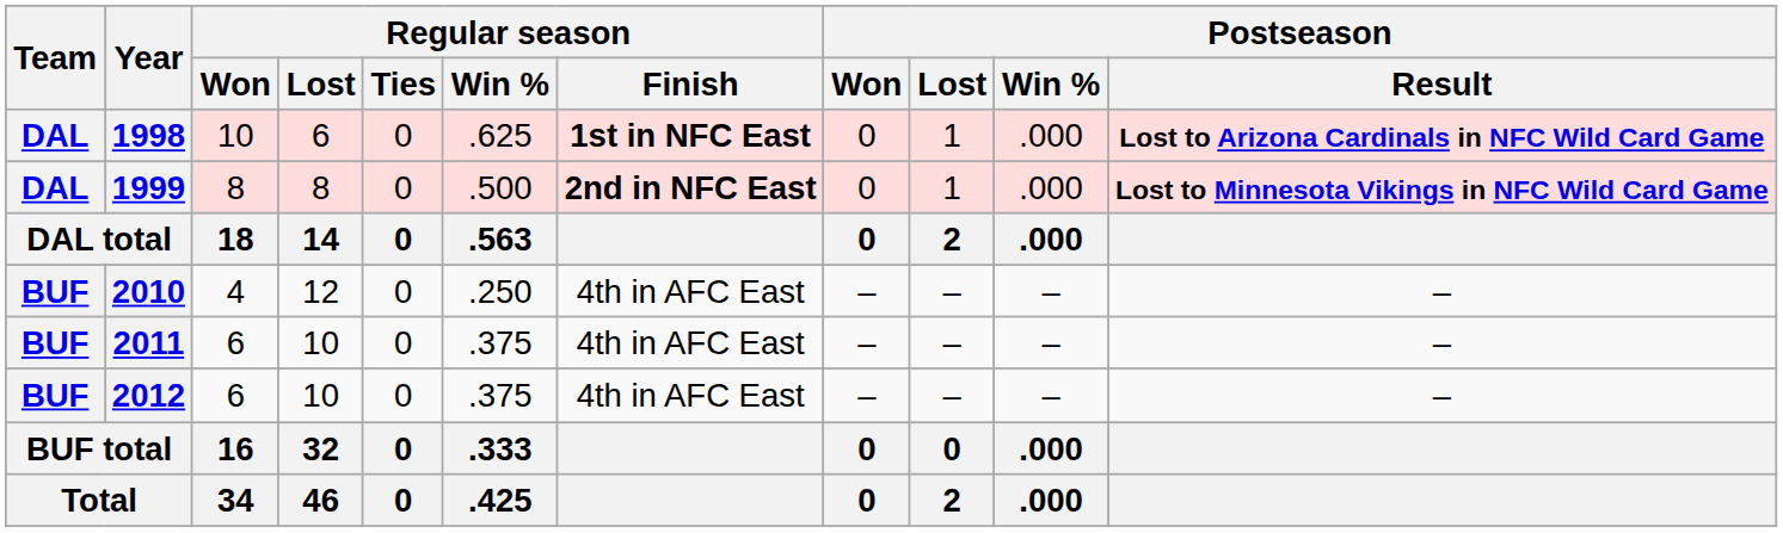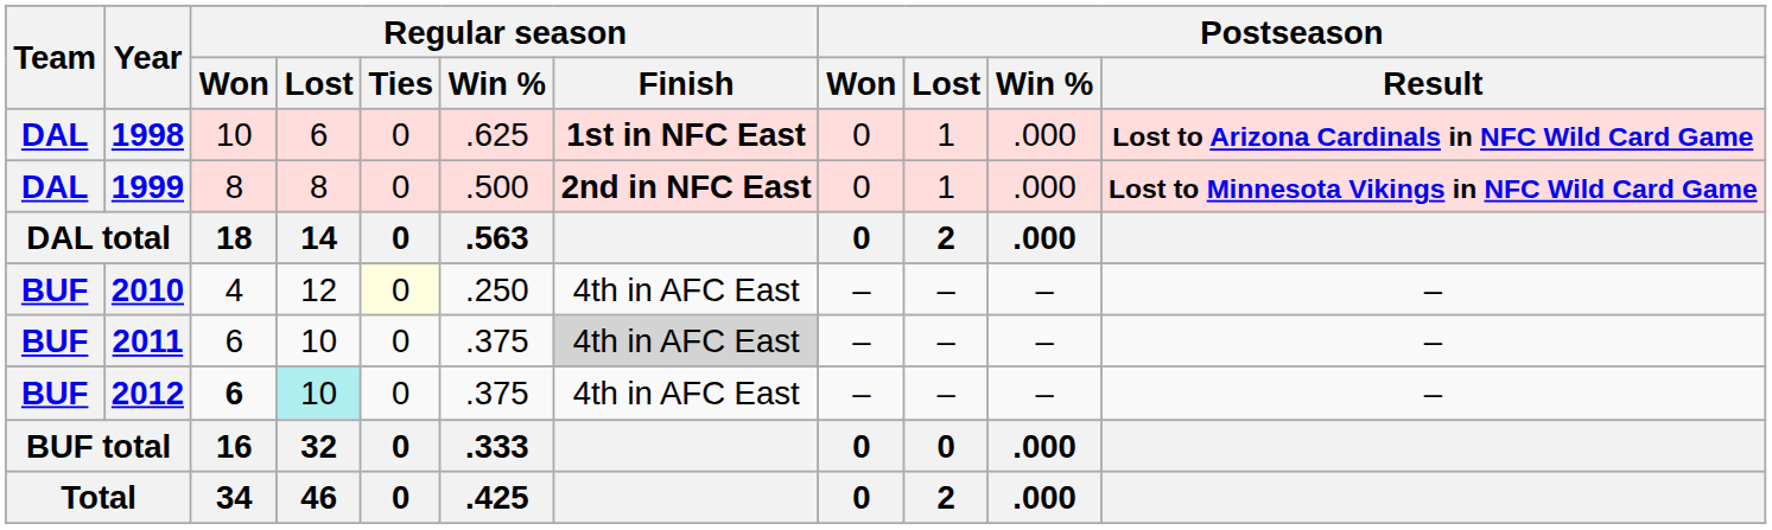 <table class="wikitable" style="font-size: 95%; text-align:center;">
 <tr>
 <th rowspan="2">Team</th>
 <th rowspan="2">Year</th>
 <th colspan="5">Regular season</th>
 <th colspan="4">Postseason</th>
 </tr>
 <tr>
 <th>Won</th>
 <th>Lost</th>
 <th>Ties</th>
 <th>Win %</th>
 <th>Finish</th>
 <th>Won</th>
 <th>Lost</th>
 <th>Win %</th>
 <th>Result</th>
 </tr>
 <tr ! style="background:#fdd;">
 <th><a href='#'>DAL</a></th>
 <th><a href='#'>1998</a></th>
 <td>10</td>
 <td>6</td>
 <td>0</td>
 <td>.625</td>
 <td><strong>1st in NFC East</strong></td>
 <td>0</td>
 <td>1</td>
 <td>.000</td>
 <td><small><strong>Lost to <a href='#'>Arizona Cardinals</a> in <a href='#'>NFC Wild Card Game</a></strong></small></td>
 </tr>
 <tr ! style="background:#fdd;">
 <th><a href='#'>DAL</a></th>
 <th><a href='#'>1999</a></th>
 <td>8</td>
 <td>8</td>
 <td>0</td>
 <td>.500</td>
 <td><strong>2nd in NFC East</strong></td>
 <td>0</td>
 <td>1</td>
 <td>.000</td>
 <td><small><strong>Lost to <a href='#'>Minnesota Vikings</a> in <a href='#'>NFC Wild Card Game</a></strong></small></td>
 </tr>
 <tr>
 <th colspan="2">DAL total</th>
 <th>18</th>
 <th>14</th>
 <th>0</th>
 <th>.563</th>
 <th></th>
 <th>0</th>
 <th>2</th>
 <th>.000</th>
 <th></th>
 </tr>
 <tr>
 <th><a href='#'>BUF</a></th>
 <th><a href='#'>2010</a></th>
 <td>4</td>
 <td>12</td>
-<td>0</td>
+<td style="background: lightyellow;">0</td>
 <td>.250</td>
 <td>4th in AFC East</td>
 <td>–</td>
 <td>–</td>
 <td>–</td>
 <td>–</td>
 </tr>
 <tr>
 <th><a href='#'>BUF</a></th>
 <th><a href='#'>2011</a></th>
 <td>6</td>
 <td>10</td>
 <td>0</td>
 <td>.375</td>
-<td>4th in AFC East</td>
+<td style="background: lightgrey;">4th in AFC East</td>
 <td>–</td>
 <td>–</td>
 <td>–</td>
 <td>–</td>
 </tr>
 <tr>
 <th><a href='#'>BUF</a></th>
 <th><a href='#'>2012</a></th>
-<td>6</td>
-<td>10</td>
+<td><strong>6</strong></td>
+<td style="background: paleturquoise;">10</td>
 <td>0</td>
 <td>.375</td>
 <td>4th in AFC East</td>
 <td>–</td>
 <td>–</td>
 <td>–</td>
 <td>–</td>
 </tr>
 <tr>
 <th colspan="2">BUF total</th>
 <th>16</th>
 <th>32</th>
 <th>0</th>
 <th>.333</th>
 <th></th>
 <th>0</th>
 <th>0</th>
 <th>.000</th>
 <th></th>
 </tr>
 <tr>
 <th colspan="2">Total</th>
 <th>34</th>
 <th>46</th>
 <th>0</th>
 <th>.425</th>
 <th></th>
 <th>0</th>
 <th>2</th>
 <th>.000</th>
 <th></th>
 </tr>
 </table>
